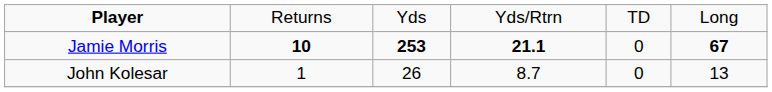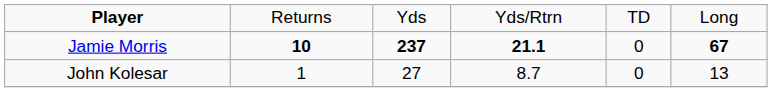 <table class="wikitable" width="80%">
 <tr align="center">
 <td><strong>Player</strong></td>
 <td>Returns</td>
 <td>Yds</td>
 <td>Yds/Rtrn</td>
 <td>TD</td>
 <td>Long</td>
 </tr>
 <tr align="center" bgcolor="">
 <td><a href='#'>Jamie Morris</a></td>
 <td><strong>10</strong></td>
-<td><strong>253</strong></td>
+<td><strong>237</strong></td>
 <td><strong>21.1</strong></td>
 <td>0</td>
 <td><strong>67</strong></td>
 </tr>
 <tr align="center" bgcolor="">
 <td>John Kolesar</td>
 <td>1</td>
-<td>26</td>
+<td>27</td>
 <td>8.7</td>
 <td>0</td>
 <td>13</td>
 </tr>
 <tr align="center" bgcolor="">
 </tr>
 </table>
